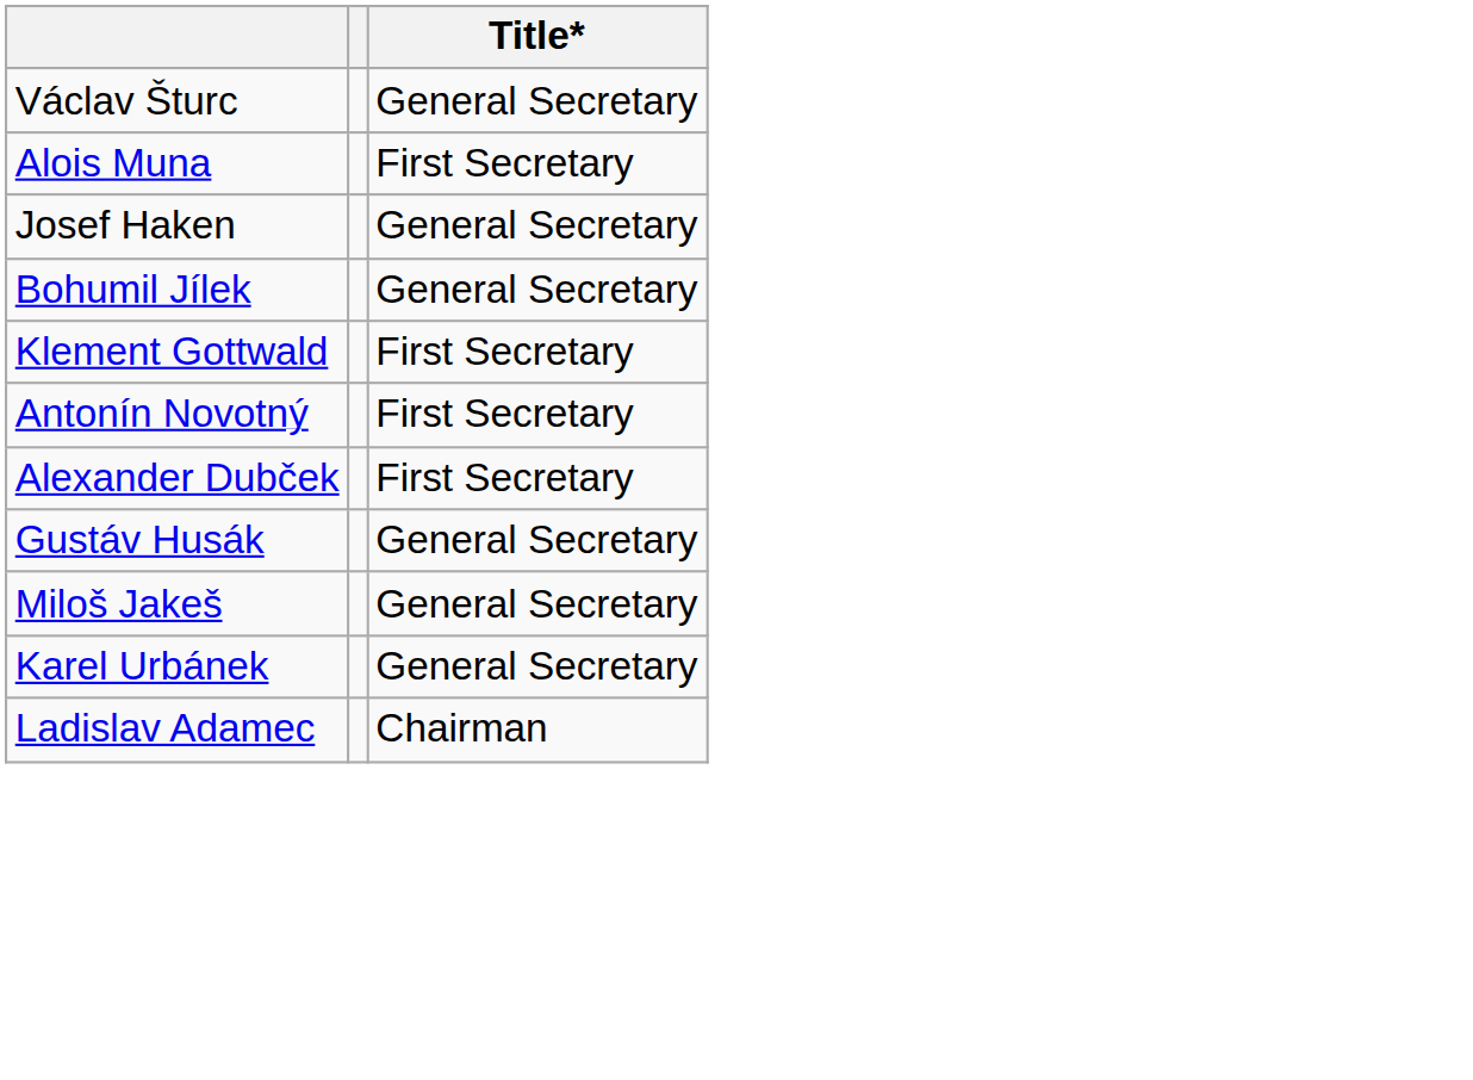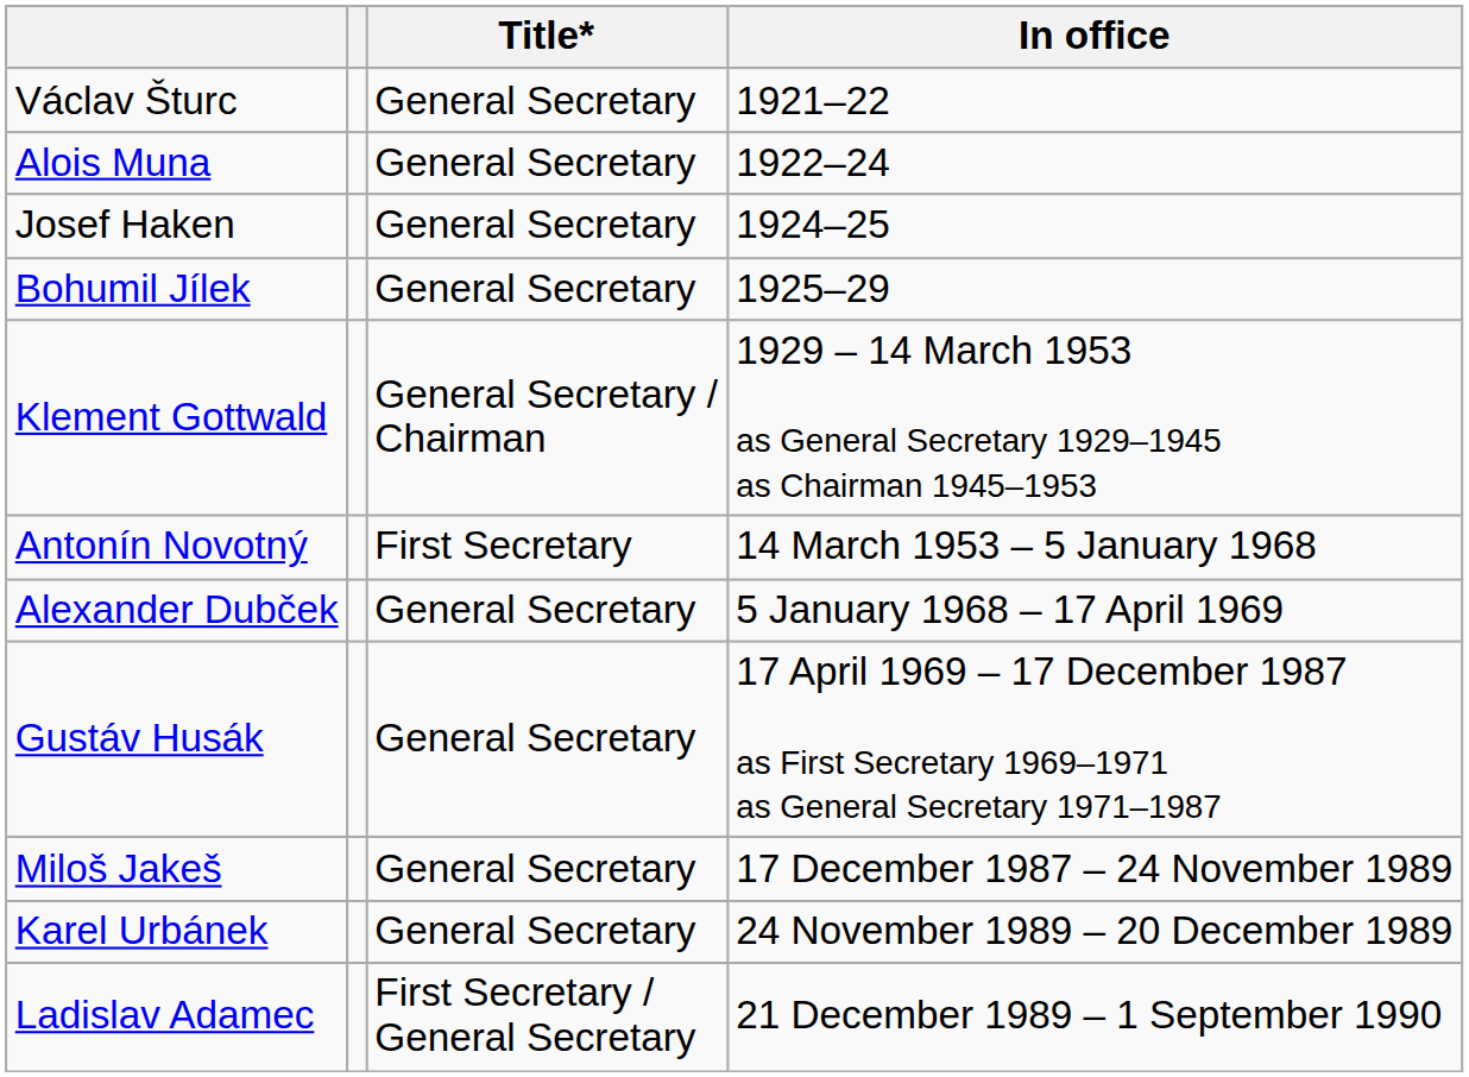 <table class="wikitable">
 <tr>
 <th></th>
 <th></th>
 <th>Title*</th>
+<th>In office</th>
 </tr>
 <tr>
 <td>Václav Šturc</td>
 <td></td>
 <td>General Secretary</td>
+<td>1921–22</td>
 </tr>
 <tr>
 <td><a href='#'>Alois Muna</a></td>
 <td></td>
-<td>First Secretary</td>
+<td>General Secretary</td>
+<td>1922–24</td>
 </tr>
 <tr>
 <td>Josef Haken</td>
 <td></td>
 <td>General Secretary</td>
+<td>1924–25</td>
 </tr>
 <tr>
 <td><a href='#'>Bohumil Jílek</a></td>
 <td></td>
 <td>General Secretary</td>
+<td>1925–29</td>
 </tr>
 <tr>
 <td><a href='#'>Klement Gottwald</a></td>
 <td></td>
-<td>First Secretary</td>
+<td>General Secretary /<br>Chairman</td>
+<td>1929 – 14 March 1953<br><br><small>as General Secretary 1929–1945</small><br> <small>as Chairman 1945–1953</small></td>
 </tr>
 <tr>
 <td><a href='#'>Antonín Novotný</a></td>
 <td></td>
 <td>First Secretary</td>
+<td>14 March 1953 – 5 January 1968</td>
 </tr>
 <tr>
 <td><a href='#'>Alexander Dubček</a></td>
 <td></td>
-<td>First Secretary</td>
+<td>General Secretary</td>
+<td>5 January 1968 – 17 April 1969</td>
 </tr>
 <tr>
 <td><a href='#'>Gustáv Husák</a></td>
 <td></td>
 <td>General Secretary</td>
+<td>17 April 1969 – 17 December 1987<br><br><small>as First Secretary 1969–1971</small><br> <small>as General Secretary 1971–1987</small></td>
 </tr>
 <tr>
 <td><a href='#'>Miloš Jakeš</a></td>
 <td></td>
 <td>General Secretary</td>
+<td>17 December 1987 – 24 November 1989</td>
 </tr>
 <tr>
 <td><a href='#'>Karel Urbánek</a></td>
 <td></td>
 <td>General Secretary</td>
+<td>24 November 1989 – 20 December 1989</td>
 </tr>
 <tr>
 <td><a href='#'>Ladislav Adamec</a></td>
 <td></td>
-<td>Chairman</td>
+<td>First Secretary /<br>General Secretary</td>
+<td>21 December 1989 – 1 September 1990</td>
 </tr>
 </table>
